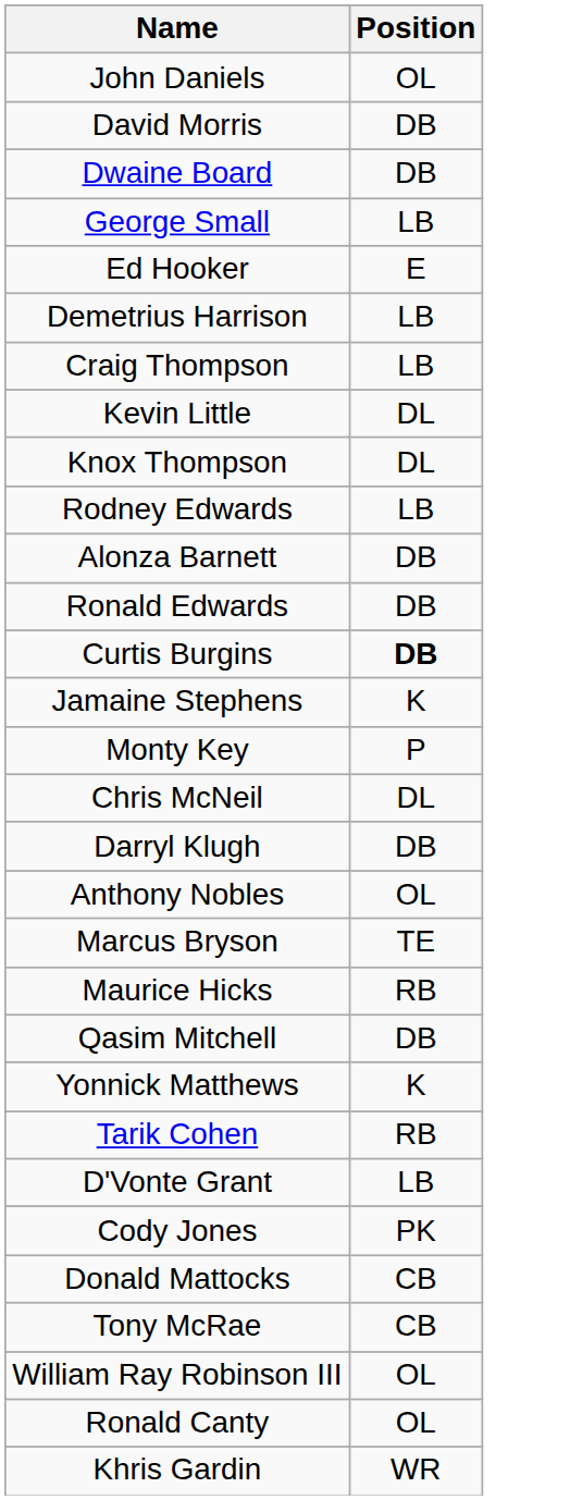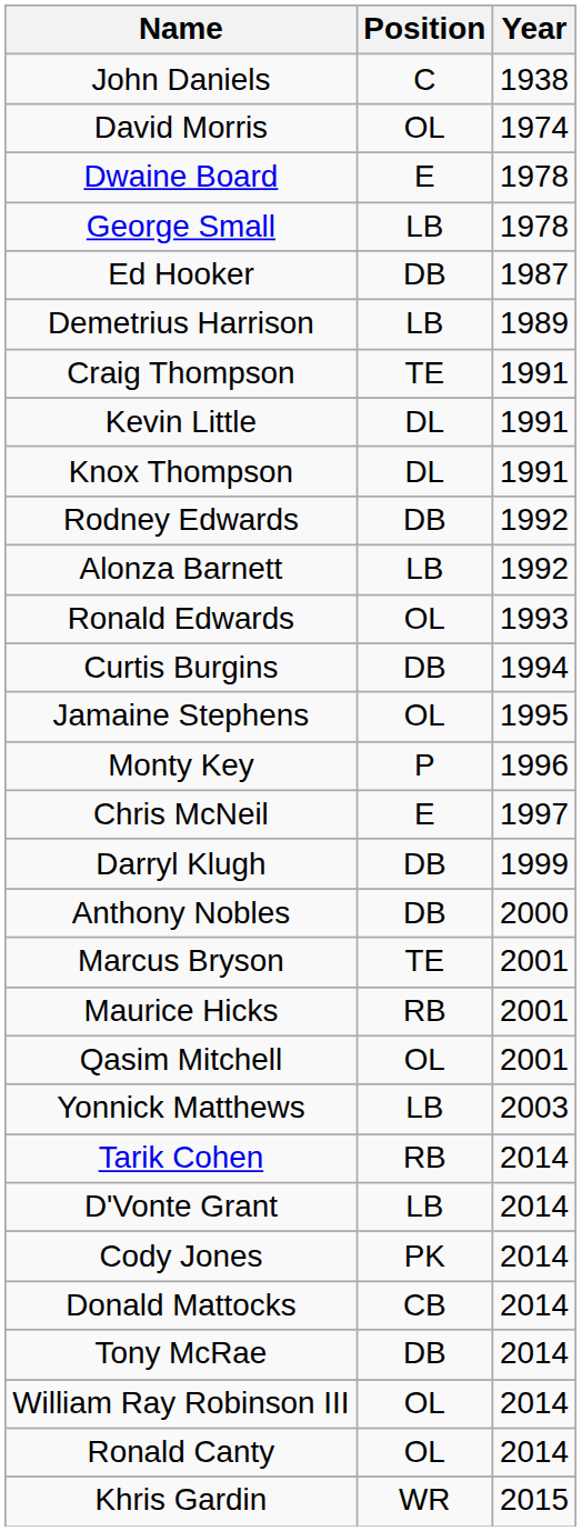 <table class="wikitable sortable" style="text-align:center">
 <tr>
 <th>Name</th>
 <th>Position</th>
+<th>Year</th>
 </tr>
 <tr>
 <td>John Daniels</td>
-<td>OL</td>
+<td>C</td>
+<td>1938</td>
 </tr>
 <tr>
 <td>David Morris</td>
-<td>DB</td>
+<td>OL</td>
+<td>1974</td>
 </tr>
 <tr>
 <td><a href='#'>Dwaine Board</a></td>
-<td>DB</td>
+<td>E</td>
+<td>1978</td>
 </tr>
 <tr>
 <td><a href='#'>George Small</a></td>
 <td>LB</td>
+<td>1978</td>
 </tr>
 <tr>
 <td>Ed Hooker</td>
-<td>E</td>
+<td>DB</td>
+<td>1987</td>
 </tr>
 <tr>
 <td>Demetrius Harrison</td>
 <td>LB</td>
+<td>1989 </td>
 </tr>
 <tr>
 <td>Craig Thompson</td>
-<td>LB</td>
+<td>TE</td>
+<td>1991</td>
 </tr>
 <tr>
 <td>Kevin Little</td>
 <td>DL</td>
+<td>1991</td>
 </tr>
 <tr>
 <td>Knox Thompson</td>
 <td>DL</td>
+<td>1991</td>
 </tr>
 <tr>
 <td>Rodney Edwards</td>
-<td>LB</td>
+<td>DB</td>
+<td>1992</td>
 </tr>
 <tr>
 <td>Alonza Barnett</td>
-<td>DB</td>
+<td>LB</td>
+<td>1992</td>
 </tr>
 <tr>
 <td>Ronald Edwards</td>
-<td>DB</td>
+<td>OL</td>
+<td>1993</td>
 </tr>
 <tr>
 <td>Curtis Burgins</td>
-<td><strong>DB</strong></td>
+<td>DB</td>
+<td>1994</td>
 </tr>
 <tr>
 <td>Jamaine Stephens</td>
-<td>K</td>
+<td>OL</td>
+<td>1995</td>
 </tr>
 <tr>
 <td>Monty Key</td>
 <td>P</td>
+<td>1996</td>
 </tr>
 <tr>
 <td>Chris McNeil</td>
-<td>DL</td>
+<td>E</td>
+<td>1997</td>
 </tr>
 <tr>
 <td>Darryl Klugh</td>
 <td>DB</td>
+<td>1999</td>
 </tr>
 <tr>
 <td>Anthony Nobles</td>
-<td>OL</td>
+<td>DB</td>
+<td>2000</td>
 </tr>
 <tr>
 <td>Marcus Bryson</td>
 <td>TE</td>
+<td>2001</td>
 </tr>
 <tr>
 <td>Maurice Hicks</td>
 <td>RB</td>
+<td>2001</td>
 </tr>
 <tr>
 <td>Qasim Mitchell</td>
-<td>DB</td>
+<td>OL</td>
+<td>2001</td>
 </tr>
 <tr>
 <td>Yonnick Matthews</td>
-<td>K</td>
+<td>LB</td>
+<td>2003</td>
 </tr>
 <tr>
 <td><a href='#'>Tarik Cohen</a></td>
 <td>RB</td>
+<td>2014</td>
 </tr>
 <tr>
 <td>D'Vonte Grant</td>
 <td>LB</td>
+<td>2014</td>
 </tr>
 <tr>
 <td>Cody Jones</td>
 <td>PK</td>
+<td>2014</td>
 </tr>
 <tr>
 <td>Donald Mattocks</td>
 <td>CB</td>
+<td>2014</td>
 </tr>
 <tr>
 <td>Tony McRae</td>
-<td>CB</td>
+<td>DB</td>
+<td>2014</td>
 </tr>
 <tr>
 <td>William Ray Robinson III</td>
 <td>OL</td>
+<td>2014</td>
 </tr>
 <tr>
 <td>Ronald Canty</td>
 <td>OL</td>
+<td>2014</td>
 </tr>
 <tr>
 <td>Khris Gardin</td>
 <td>WR</td>
+<td>2015</td>
 </tr>
 </table>
